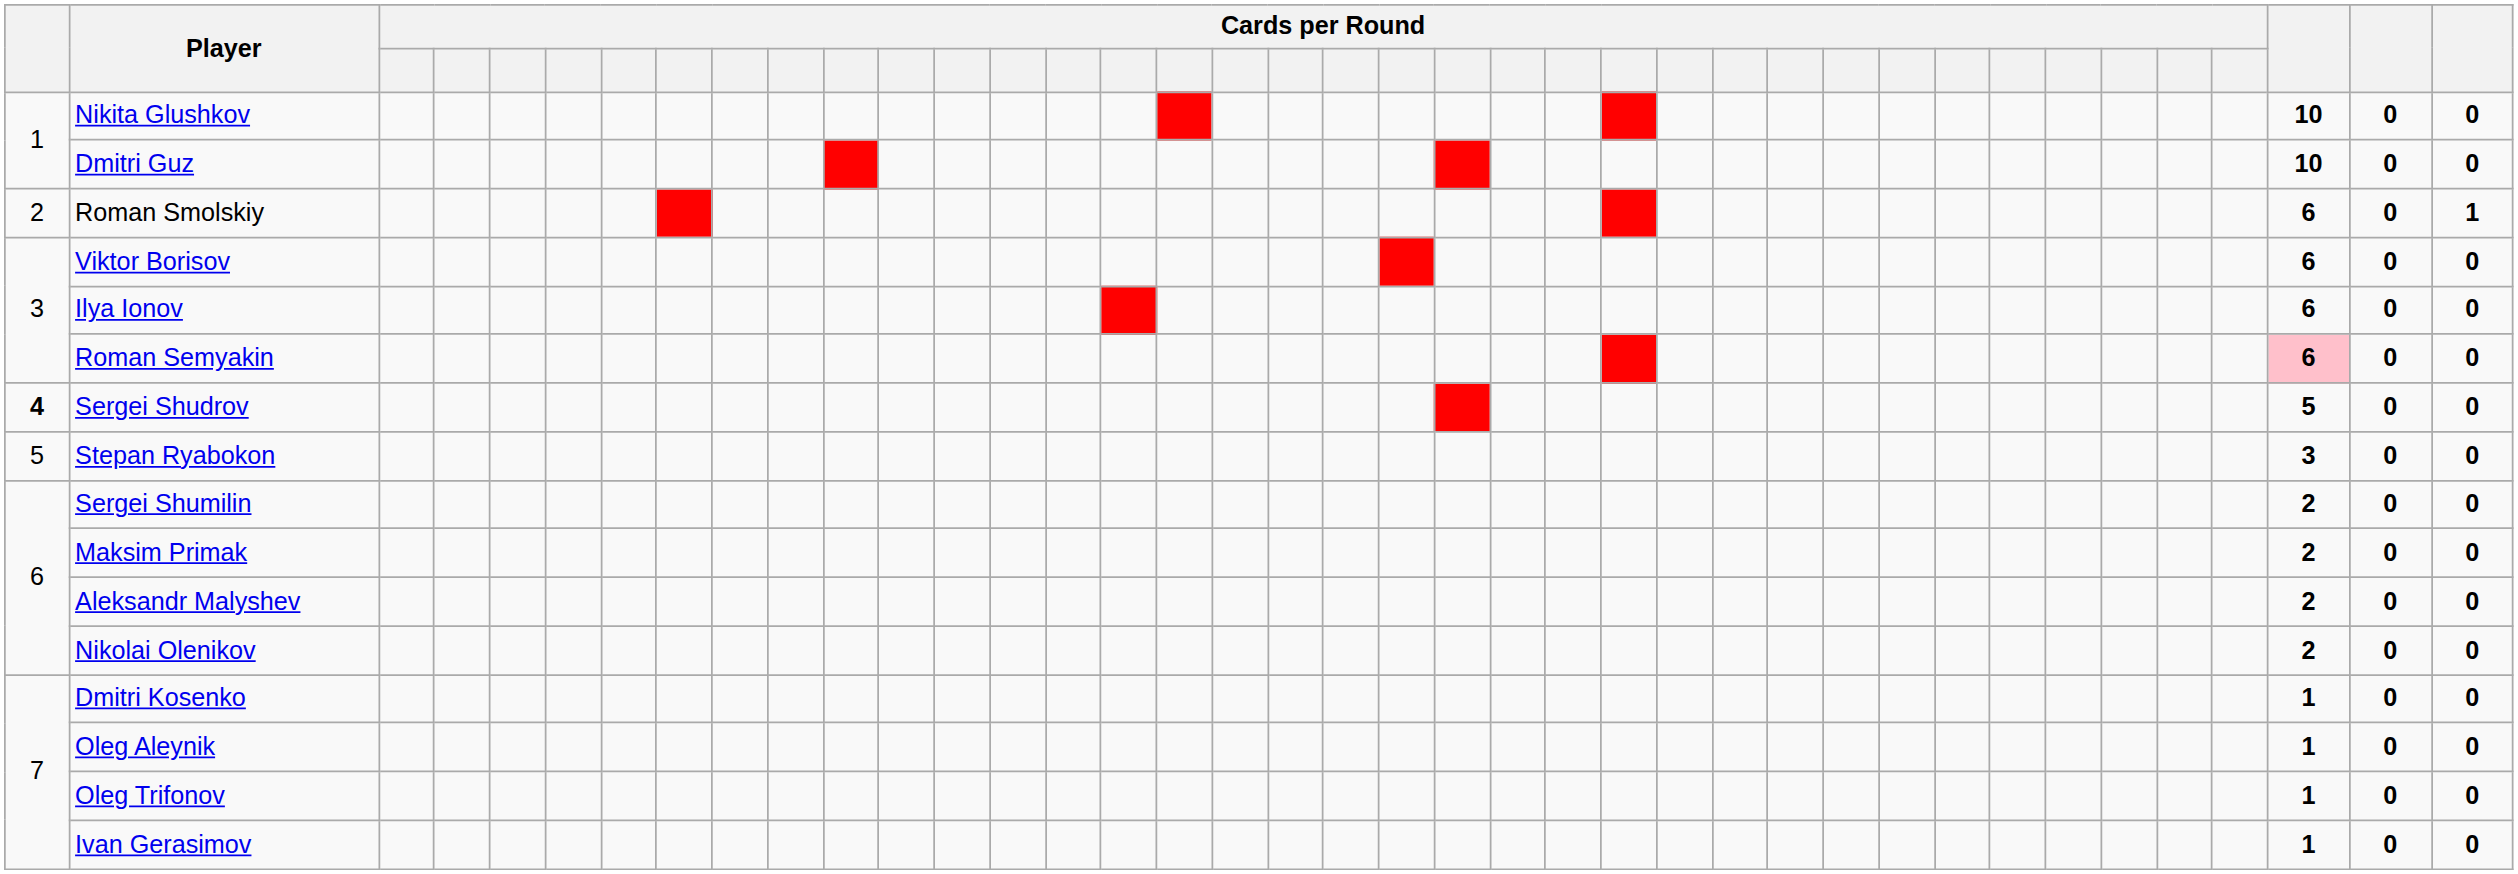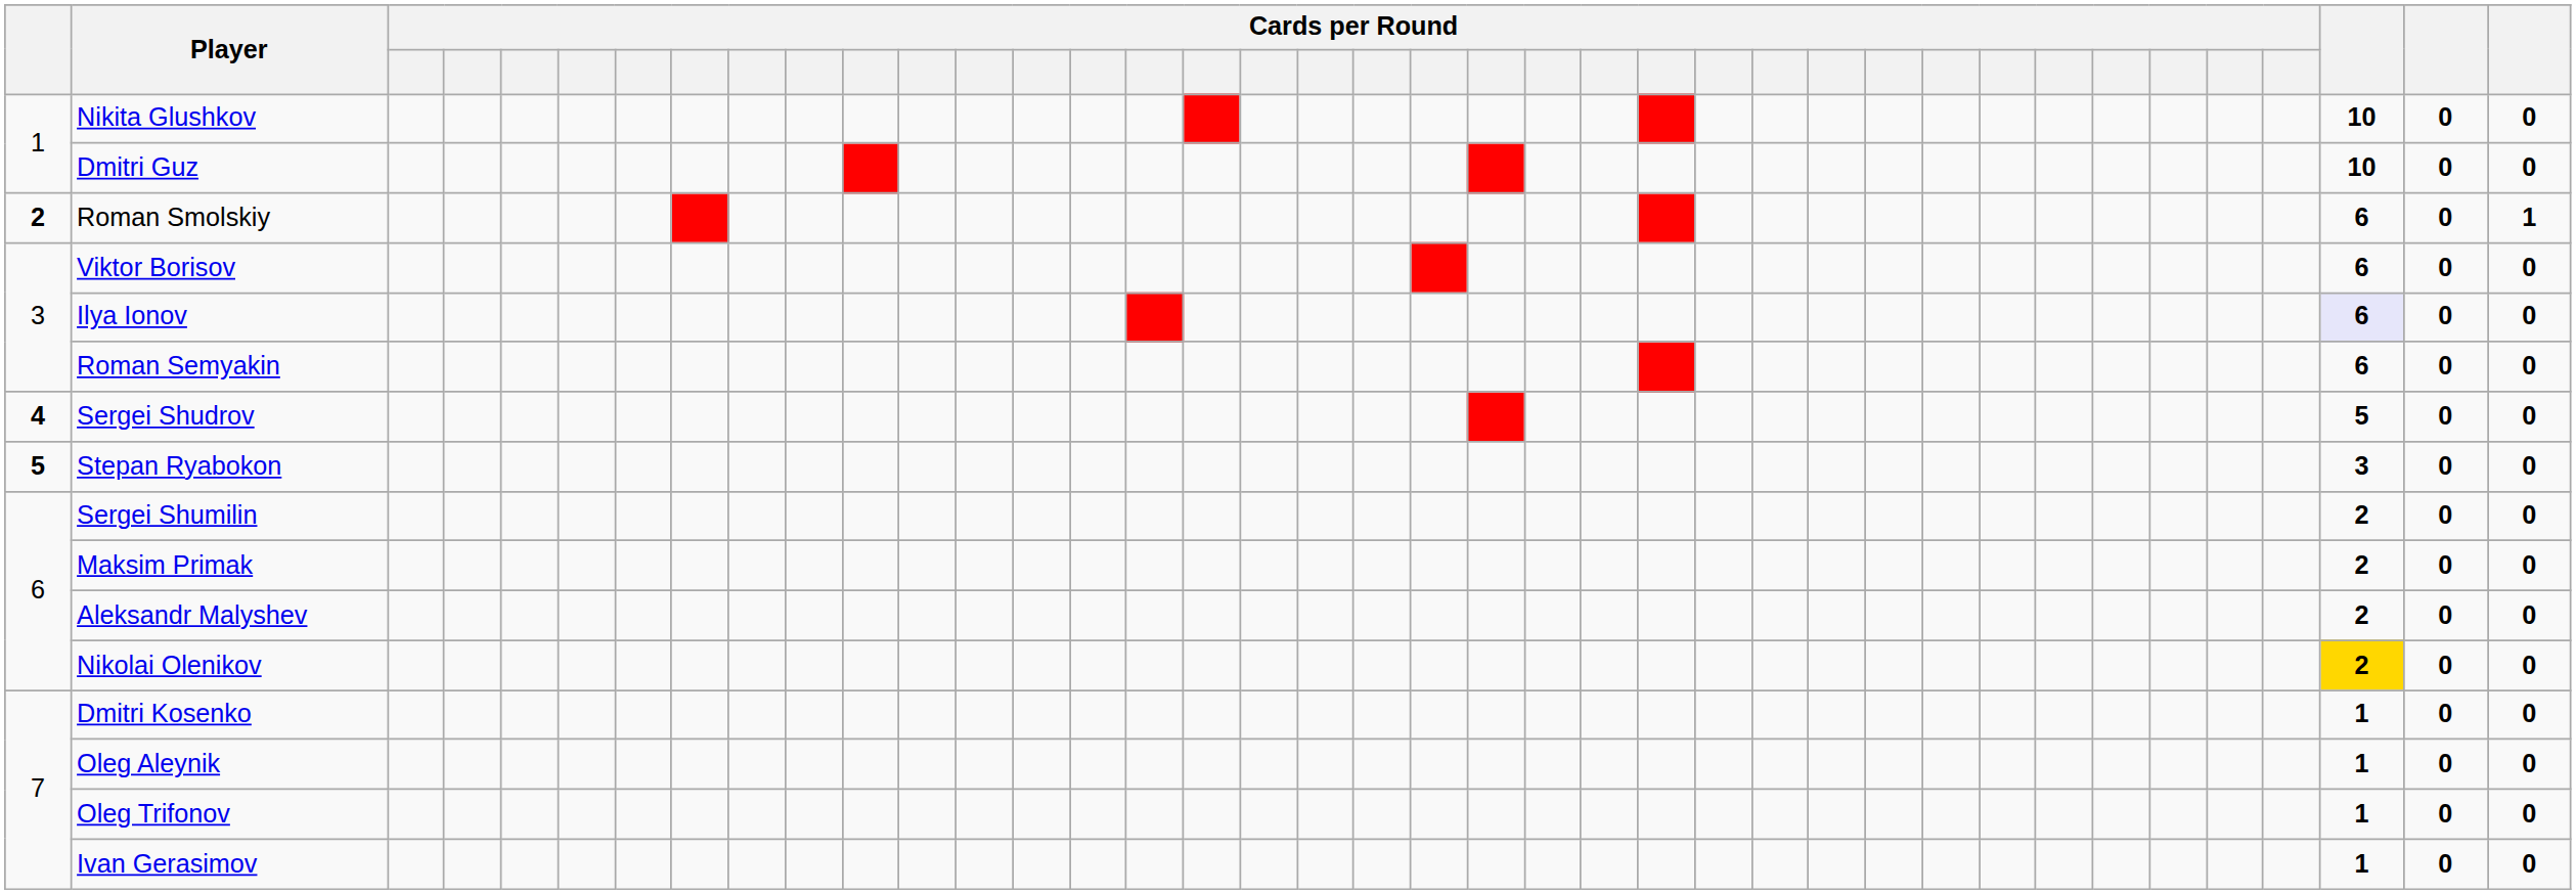 <table class="wikitable" style="text-align:center; line-height: 90%; font-size:90%;">
 <tr>
 <th rowspan=2 width=30></th>
 <th rowspan=2 width=170>Player</th>
 <th colspan=34 height=18>Cards per Round</th>
 <th rowspan=2 width=40></th>
 <th rowspan=2 width=40></th>
 <th rowspan=2 width=40></th>
 </tr>
 <tr>
 <th width=25 height=18></th>
 <th width=25></th>
 <th width=25></th>
 <th width=25></th>
 <th width=25></th>
 <th width=25></th>
 <th width=25></th>
 <th width=25></th>
 <th width=25></th>
 <th width=25></th>
 <th width=25></th>
 <th width=25></th>
 <th width=25></th>
 <th width=25></th>
 <th width=25></th>
 <th width=25></th>
 <th width=25></th>
 <th width=25></th>
 <th width=25></th>
 <th width=25></th>
 <th width=25></th>
 <th width=25></th>
 <th width=25></th>
 <th width=25></th>
 <th width=25></th>
 <th width=25></th>
 <th width=25></th>
 <th width=25></th>
 <th width=25></th>
 <th width=25></th>
 <th width=25></th>
 <th width=25></th>
 <th width=25></th>
 <th width=25></th>
 </tr>
 <tr>
 <td rowspan=2>1</td>
 <td align=left height=21> <a href='#'>Nikita Glushkov</a></td>
 <td></td>
 <td></td>
 <td></td>
 <td></td>
 <td></td>
 <td></td>
 <td></td>
 <td></td>
 <td></td>
 <td></td>
 <td></td>
 <td></td>
 <td></td>
 <td></td>
 <td bgcolor=#FF0000></td>
 <td></td>
 <td></td>
 <td></td>
 <td></td>
 <td></td>
 <td></td>
 <td></td>
 <td bgcolor=#FF0000></td>
 <td></td>
 <td></td>
 <td></td>
 <td></td>
 <td></td>
 <td></td>
 <td></td>
 <td></td>
 <td></td>
 <td></td>
 <td></td>
 <td><strong>10</strong></td>
 <td><strong>0</strong></td>
 <td><strong>0</strong></td>
 </tr>
 <tr>
 <td align=left height=21> <a href='#'>Dmitri Guz</a></td>
 <td></td>
 <td></td>
 <td></td>
 <td></td>
 <td></td>
 <td></td>
 <td></td>
 <td></td>
 <td bgcolor=#FF0000></td>
 <td></td>
 <td></td>
 <td></td>
 <td></td>
 <td></td>
 <td></td>
 <td></td>
 <td></td>
 <td></td>
 <td></td>
 <td bgcolor=#FF0000></td>
 <td></td>
 <td></td>
 <td></td>
 <td></td>
 <td></td>
 <td></td>
 <td></td>
 <td></td>
 <td></td>
 <td></td>
 <td></td>
 <td></td>
 <td></td>
 <td></td>
 <td><strong>10</strong></td>
 <td><strong>0</strong></td>
 <td><strong>0</strong></td>
 </tr>
 <tr>
-<td>2</td>
+<td><strong>2</strong></td>
 <td align=left height=21> Roman Smolskiy</td>
 <td></td>
 <td></td>
 <td></td>
 <td></td>
 <td></td>
 <td bgcolor=#FF0000></td>
 <td></td>
 <td></td>
 <td></td>
 <td></td>
 <td></td>
 <td></td>
 <td></td>
 <td></td>
 <td></td>
 <td></td>
 <td></td>
 <td></td>
 <td></td>
 <td></td>
 <td></td>
 <td></td>
 <td bgcolor=#FF0000></td>
 <td></td>
 <td></td>
 <td></td>
 <td></td>
 <td></td>
 <td></td>
 <td></td>
 <td></td>
 <td></td>
 <td></td>
 <td></td>
 <td><strong>6</strong></td>
 <td><strong>0</strong></td>
 <td><strong>1</strong></td>
 </tr>
 <tr>
 <td rowspan=3>3</td>
 <td align=left height=21> <a href='#'>Viktor Borisov</a></td>
 <td></td>
 <td></td>
 <td></td>
 <td></td>
 <td></td>
 <td></td>
 <td></td>
 <td></td>
 <td></td>
 <td></td>
 <td></td>
 <td></td>
 <td></td>
 <td></td>
 <td></td>
 <td></td>
 <td></td>
 <td></td>
 <td bgcolor=#FF0000></td>
 <td></td>
 <td></td>
 <td></td>
 <td></td>
 <td></td>
 <td></td>
 <td></td>
 <td></td>
 <td></td>
 <td></td>
 <td></td>
 <td></td>
 <td></td>
 <td></td>
 <td></td>
 <td><strong>6</strong></td>
 <td><strong>0</strong></td>
 <td><strong>0</strong></td>
 </tr>
 <tr>
 <td align=left height=21> <a href='#'>Ilya Ionov</a></td>
 <td></td>
 <td></td>
 <td></td>
 <td></td>
 <td></td>
 <td></td>
 <td></td>
 <td></td>
 <td></td>
 <td></td>
 <td></td>
 <td></td>
 <td></td>
 <td bgcolor=#FF0000></td>
 <td></td>
 <td></td>
 <td></td>
 <td></td>
 <td></td>
 <td></td>
 <td></td>
 <td></td>
 <td></td>
 <td></td>
 <td></td>
 <td></td>
 <td></td>
 <td></td>
 <td></td>
 <td></td>
 <td></td>
 <td></td>
 <td></td>
 <td></td>
-<td><strong>6</strong></td>
+<td style="background: lavender;"><strong>6</strong></td>
 <td><strong>0</strong></td>
 <td><strong>0</strong></td>
 </tr>
 <tr>
 <td align=left height=21> <a href='#'>Roman Semyakin</a></td>
 <td></td>
 <td></td>
 <td></td>
 <td></td>
 <td></td>
 <td></td>
 <td></td>
 <td></td>
 <td></td>
 <td></td>
 <td></td>
 <td></td>
 <td></td>
 <td></td>
 <td></td>
 <td></td>
 <td></td>
 <td></td>
 <td></td>
 <td></td>
 <td></td>
 <td></td>
 <td bgcolor=#FF0000></td>
 <td></td>
 <td></td>
 <td></td>
 <td></td>
 <td></td>
 <td></td>
 <td></td>
 <td></td>
 <td></td>
 <td></td>
 <td></td>
-<td style="background: pink;"><strong>6</strong></td>
+<td><strong>6</strong></td>
 <td><strong>0</strong></td>
 <td><strong>0</strong></td>
 </tr>
 <tr>
 <td><strong>4</strong></td>
 <td align=left height=21> <a href='#'>Sergei Shudrov</a></td>
 <td></td>
 <td></td>
 <td></td>
 <td></td>
 <td></td>
 <td></td>
 <td></td>
 <td></td>
 <td></td>
 <td></td>
 <td></td>
 <td></td>
 <td></td>
 <td></td>
 <td></td>
 <td></td>
 <td></td>
 <td></td>
 <td></td>
 <td bgcolor=#FF0000></td>
 <td></td>
 <td></td>
 <td></td>
 <td></td>
 <td></td>
 <td></td>
 <td></td>
 <td></td>
 <td></td>
 <td></td>
 <td></td>
 <td></td>
 <td></td>
 <td></td>
 <td><strong>5</strong></td>
 <td><strong>0</strong></td>
 <td><strong>0</strong></td>
 </tr>
 <tr>
-<td>5</td>
+<td><strong>5</strong></td>
 <td align=left height=21> <a href='#'>Stepan Ryabokon</a></td>
 <td></td>
 <td></td>
 <td></td>
 <td></td>
 <td></td>
 <td></td>
 <td></td>
 <td></td>
 <td></td>
 <td></td>
 <td></td>
 <td></td>
 <td></td>
 <td></td>
 <td></td>
 <td></td>
 <td></td>
 <td></td>
 <td></td>
 <td></td>
 <td></td>
 <td></td>
 <td></td>
 <td></td>
 <td></td>
 <td></td>
 <td></td>
 <td></td>
 <td></td>
 <td></td>
 <td></td>
 <td></td>
 <td></td>
 <td></td>
 <td><strong>3</strong></td>
 <td><strong>0</strong></td>
 <td><strong>0</strong></td>
 </tr>
 <tr>
 <td rowspan=4>6</td>
 <td align=left height=21> <a href='#'>Sergei Shumilin</a></td>
 <td></td>
 <td></td>
 <td></td>
 <td></td>
 <td></td>
 <td></td>
 <td></td>
 <td></td>
 <td></td>
 <td></td>
 <td></td>
 <td></td>
 <td></td>
 <td></td>
 <td></td>
 <td></td>
 <td></td>
 <td></td>
 <td></td>
 <td></td>
 <td></td>
 <td></td>
 <td></td>
 <td></td>
 <td></td>
 <td></td>
 <td></td>
 <td></td>
 <td></td>
 <td></td>
 <td></td>
 <td></td>
 <td></td>
 <td></td>
 <td><strong>2</strong></td>
 <td><strong>0</strong></td>
 <td><strong>0</strong></td>
 </tr>
 <tr>
 <td align=left height=21> <a href='#'>Maksim Primak</a></td>
 <td></td>
 <td></td>
 <td></td>
 <td></td>
 <td></td>
 <td></td>
 <td></td>
 <td></td>
 <td></td>
 <td></td>
 <td></td>
 <td></td>
 <td></td>
 <td></td>
 <td></td>
 <td></td>
 <td></td>
 <td></td>
 <td></td>
 <td></td>
 <td></td>
 <td></td>
 <td></td>
 <td></td>
 <td></td>
 <td></td>
 <td></td>
 <td></td>
 <td></td>
 <td></td>
 <td></td>
 <td></td>
 <td></td>
 <td></td>
 <td><strong>2</strong></td>
 <td><strong>0</strong></td>
 <td><strong>0</strong></td>
 </tr>
 <tr>
 <td align=left height=21> <a href='#'>Aleksandr Malyshev</a></td>
 <td></td>
 <td></td>
 <td></td>
 <td></td>
 <td></td>
 <td></td>
 <td></td>
 <td></td>
 <td></td>
 <td></td>
 <td></td>
 <td></td>
 <td></td>
 <td></td>
 <td></td>
 <td></td>
 <td></td>
 <td></td>
 <td></td>
 <td></td>
 <td></td>
 <td></td>
 <td></td>
 <td></td>
 <td></td>
 <td></td>
 <td></td>
 <td></td>
 <td></td>
 <td></td>
 <td></td>
 <td></td>
 <td></td>
 <td></td>
 <td><strong>2</strong></td>
 <td><strong>0</strong></td>
 <td><strong>0</strong></td>
 </tr>
 <tr>
 <td align=left height=21> <a href='#'>Nikolai Olenikov</a></td>
 <td></td>
 <td></td>
 <td></td>
 <td></td>
 <td></td>
 <td></td>
 <td></td>
 <td></td>
 <td></td>
 <td></td>
 <td></td>
 <td></td>
 <td></td>
 <td></td>
 <td></td>
 <td></td>
 <td></td>
 <td></td>
 <td></td>
 <td></td>
 <td></td>
 <td></td>
 <td></td>
 <td></td>
 <td></td>
 <td></td>
 <td></td>
 <td></td>
 <td></td>
 <td></td>
 <td></td>
 <td></td>
 <td></td>
 <td></td>
-<td><strong>2</strong></td>
+<td style="background: gold;"><strong>2</strong></td>
 <td><strong>0</strong></td>
 <td><strong>0</strong></td>
 </tr>
 <tr>
 <td rowspan=4>7</td>
 <td align=left height=21> <a href='#'>Dmitri Kosenko</a></td>
 <td></td>
 <td></td>
 <td></td>
 <td></td>
 <td></td>
 <td></td>
 <td></td>
 <td></td>
 <td></td>
 <td></td>
 <td></td>
 <td></td>
 <td></td>
 <td></td>
 <td></td>
 <td></td>
 <td></td>
 <td></td>
 <td></td>
 <td></td>
 <td></td>
 <td></td>
 <td></td>
 <td></td>
 <td></td>
 <td></td>
 <td></td>
 <td></td>
 <td></td>
 <td></td>
 <td></td>
 <td></td>
 <td></td>
 <td></td>
 <td><strong>1</strong></td>
 <td><strong>0</strong></td>
 <td><strong>0</strong></td>
 </tr>
 <tr>
 <td align=left height=21> <a href='#'>Oleg Aleynik</a></td>
 <td></td>
 <td></td>
 <td></td>
 <td></td>
 <td></td>
 <td></td>
 <td></td>
 <td></td>
 <td></td>
 <td></td>
 <td></td>
 <td></td>
 <td></td>
 <td></td>
 <td></td>
 <td></td>
 <td></td>
 <td></td>
 <td></td>
 <td></td>
 <td></td>
 <td></td>
 <td></td>
 <td></td>
 <td></td>
 <td></td>
 <td></td>
 <td></td>
 <td></td>
 <td></td>
 <td></td>
 <td></td>
 <td></td>
 <td></td>
 <td><strong>1</strong></td>
 <td><strong>0</strong></td>
 <td><strong>0</strong></td>
 </tr>
 <tr>
 <td align=left height=21> <a href='#'>Oleg Trifonov</a></td>
 <td></td>
 <td></td>
 <td></td>
 <td></td>
 <td></td>
 <td></td>
 <td></td>
 <td></td>
 <td></td>
 <td></td>
 <td></td>
 <td></td>
 <td></td>
 <td></td>
 <td></td>
 <td></td>
 <td></td>
 <td></td>
 <td></td>
 <td></td>
 <td></td>
 <td></td>
 <td></td>
 <td></td>
 <td></td>
 <td></td>
 <td></td>
 <td></td>
 <td></td>
 <td></td>
 <td></td>
 <td></td>
 <td></td>
 <td></td>
 <td><strong>1</strong></td>
 <td><strong>0</strong></td>
 <td><strong>0</strong></td>
 </tr>
 <tr>
 <td align=left height=21> <a href='#'>Ivan Gerasimov</a></td>
 <td></td>
 <td></td>
 <td></td>
 <td></td>
 <td></td>
 <td></td>
 <td></td>
 <td></td>
 <td></td>
 <td></td>
 <td></td>
 <td></td>
 <td></td>
 <td></td>
 <td></td>
 <td></td>
 <td></td>
 <td></td>
 <td></td>
 <td></td>
 <td></td>
 <td></td>
 <td></td>
 <td></td>
 <td></td>
 <td></td>
 <td></td>
 <td></td>
 <td></td>
 <td></td>
 <td></td>
 <td></td>
 <td></td>
 <td></td>
 <td><strong>1</strong></td>
 <td><strong>0</strong></td>
 <td><strong>0</strong></td>
 </tr>
 </table>
